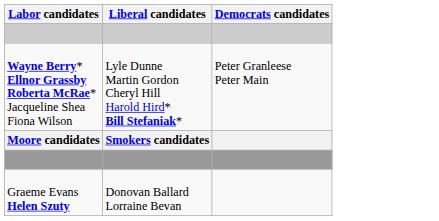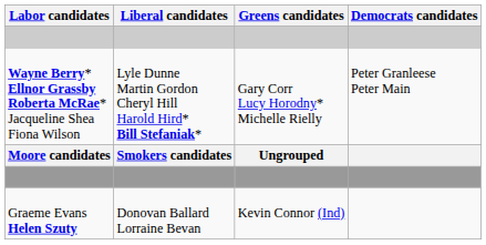 <table class="wikitable">
 <tr>
 <th><a href='#'>Labor</a> candidates</th>
 <th><a href='#'>Liberal</a> candidates</th>
+<th><a href='#'>Greens</a> candidates</th>
 <th><a href='#'>Democrats</a> candidates</th>
 </tr>
 <tr bgcolor="#cccccc">
+<td></td>
 <td></td>
 <td></td>
 <td> </td>
 </tr>
 <tr>
 <td><br><strong><a href='#'>Wayne Berry</a></strong>* <br> <strong><a href='#'>Ellnor Grassby</a></strong> <br> <strong><a href='#'>Roberta McRae</a></strong>* <br> Jacqueline Shea <br> Fiona Wilson</td>
 <td><br>Lyle Dunne <br> Martin Gordon <br> Cheryl Hill <br> <a href='#'>Harold Hird</a>* <br> <strong><a href='#'>Bill Stefaniak</a></strong>*</td>
+<td><br>Gary Corr <br> <a href='#'>Lucy Horodny</a>* <br> Michelle Rielly</td>
 <td valign=top><br>Peter Granleese <br> Peter Main</td>
 </tr>
 <tr bgcolor="#cccccc">
 <th><a href='#'>Moore</a> candidates</th>
 <th><a href='#'>Smokers</a> candidates</th>
+<th>Ungrouped</th>
 <th></th>
 </tr>
 <tr bgcolor="#cccccc">
+<td bgcolor="#999999"></td>
 <td bgcolor="#999999"></td>
 <td bgcolor="#999999"></td>
 <td bgcolor="#999999"> </td>
 </tr>
 <tr>
 <td valign=top><br>Graeme Evans <br> <strong><a href='#'>Helen Szuty</a></strong></td>
 <td valign=top><br>Donovan Ballard <br> Lorraine Bevan</td>
+<td valign=top><br>Kevin Connor <a href='#'>(Ind)</a></td>
 <td valign=top></td>
 </tr>
 </table>
